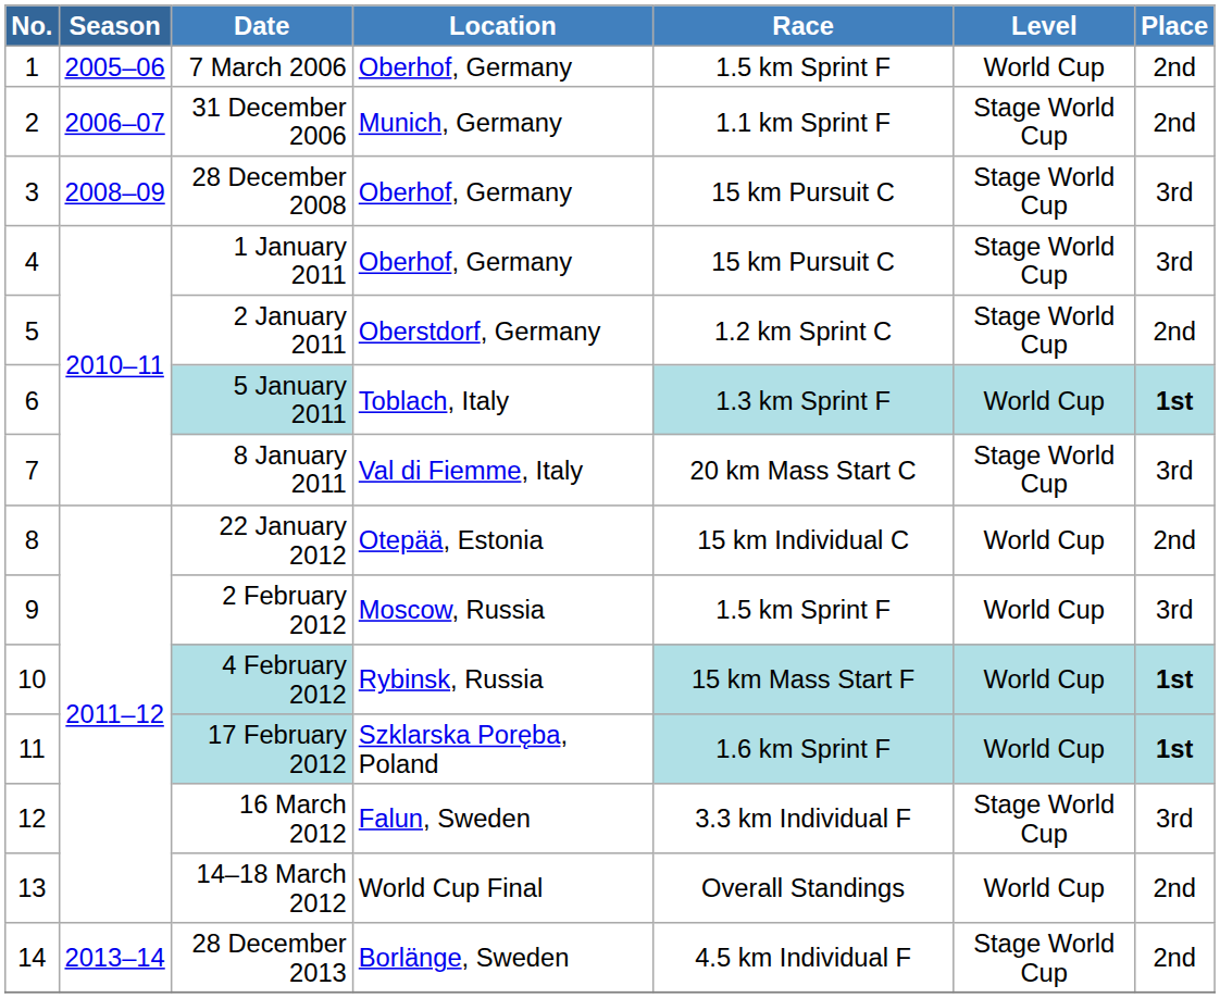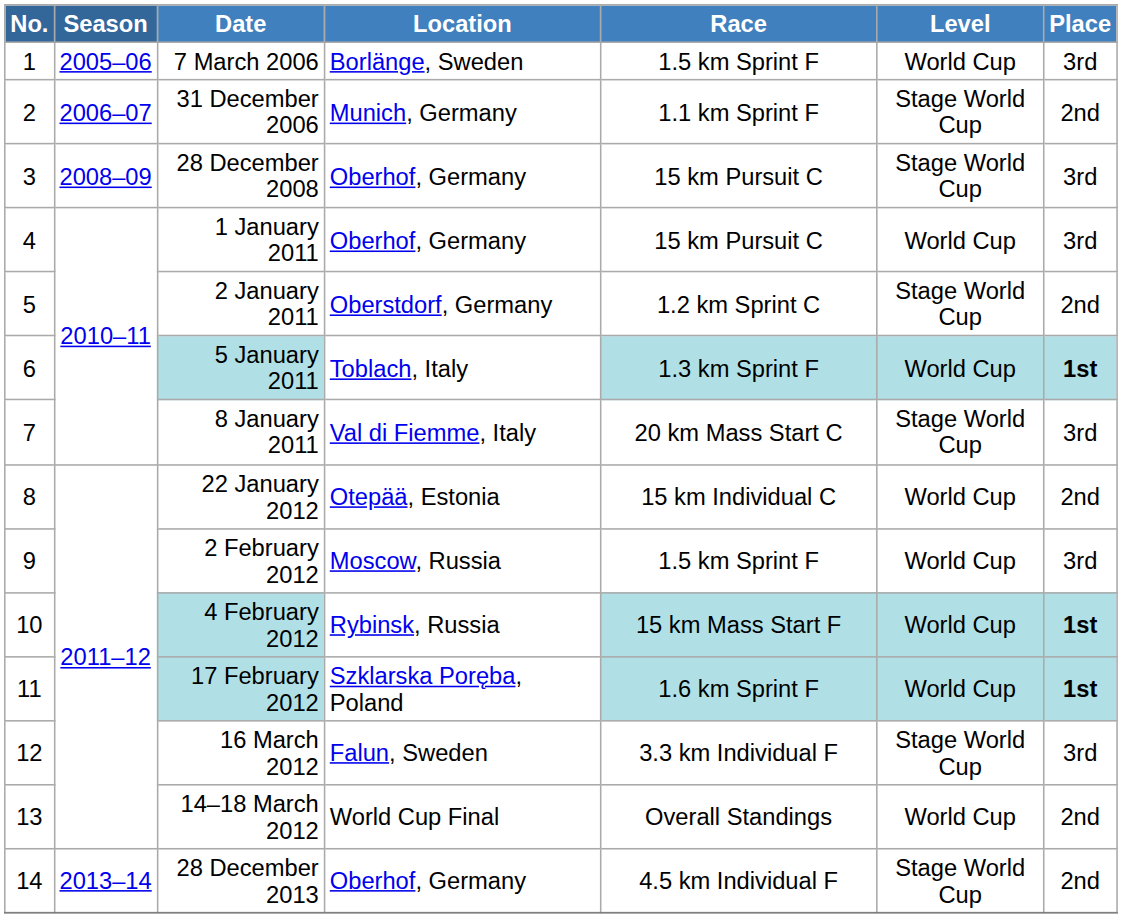 <table class="wikitable sortable" style="font-size:95%; text-align:center; border:grey solid 1px; border-collapse:collapse; background:#ffffff;">
 <tr style="background:#efefef;">
 <th style="background-color:#369; color:white;">No.</th>
 <th style="background-color:#369; color:white;">Season</th>
 <th style="background-color:#4180be; color:white; width:100px;">Date</th>
 <th style="background-color:#4180be; color:white; width:170px;">Location</th>
 <th style="background-color:#4180be; color:white; width:170px;">Race</th>
 <th style="background-color:#4180be; color:white; width:100px;">Level</th>
 <th style="background-color:#4180be; color:white;">Place</th>
 </tr>
 <tr>
 <td align=center>1</td>
 <td rowspan=1 align=center><a href='#'>2005–06</a></td>
 <td align=right>7 March 2006</td>
-<td align=left> <a href='#'>Oberhof</a>, Germany</td>
+<td align=left> <a href='#'>Borlänge</a>, Sweden</td>
 <td>1.5 km Sprint F</td>
 <td>World Cup</td>
-<td>2nd</td>
+<td>3rd</td>
 </tr>
 <tr>
 <td align=center>2</td>
 <td rowspan=1 align=center><a href='#'>2006–07</a></td>
 <td align=right>31 December 2006</td>
 <td align=left> <a href='#'>Munich</a>, Germany</td>
 <td>1.1 km Sprint F</td>
 <td>Stage World Cup</td>
 <td>2nd</td>
 </tr>
 <tr>
 <td align=center>3</td>
 <td rowspan=1 align=center><a href='#'>2008–09</a></td>
 <td align=right>28 December 2008</td>
 <td align=left> <a href='#'>Oberhof</a>, Germany</td>
 <td>15 km Pursuit C</td>
 <td>Stage World Cup</td>
 <td>3rd</td>
 </tr>
 <tr>
 <td align=center>4</td>
 <td rowspan=4 align=center><a href='#'>2010–11</a></td>
 <td align=right>1 January 2011</td>
 <td align=left> <a href='#'>Oberhof</a>, Germany</td>
 <td>15 km Pursuit C</td>
-<td>Stage World Cup</td>
+<td>World Cup</td>
 <td>3rd</td>
 </tr>
 <tr>
 <td align=center>5</td>
 <td align=right>2 January 2011</td>
 <td align=left> <a href='#'>Oberstdorf</a>, Germany</td>
 <td>1.2 km Sprint C</td>
 <td>Stage World Cup</td>
 <td>2nd</td>
 </tr>
 <tr>
 <td align=center>6</td>
 <td bgcolor="#BOEOE6" align=right>5 January 2011</td>
 <td align=left> <a href='#'>Toblach</a>, Italy</td>
 <td bgcolor="#BOEOE6">1.3 km Sprint F</td>
 <td bgcolor="#BOEOE6">World Cup</td>
 <td bgcolor="#BOEOE6"><strong>1st</strong></td>
 </tr>
 <tr>
 <td align=center>7</td>
 <td align=right>8 January 2011</td>
 <td align=left> <a href='#'>Val di Fiemme</a>, Italy</td>
 <td>20 km Mass Start C</td>
 <td>Stage World Cup</td>
 <td>3rd</td>
 </tr>
 <tr>
 <td align=center>8</td>
 <td rowspan=6 align=center><a href='#'>2011–12</a></td>
 <td align=right>22 January 2012</td>
 <td align=left> <a href='#'>Otepää</a>, Estonia</td>
 <td>15 km Individual C</td>
 <td>World Cup</td>
 <td>2nd</td>
 </tr>
 <tr>
 <td align=center>9</td>
 <td align=right>2 February 2012</td>
 <td align=left> <a href='#'>Moscow</a>, Russia</td>
 <td>1.5 km Sprint F</td>
 <td>World Cup</td>
 <td>3rd</td>
 </tr>
 <tr>
 <td align=center>10</td>
 <td bgcolor="#BOEOE6" align=right>4 February 2012</td>
 <td align=left> <a href='#'>Rybinsk</a>, Russia</td>
 <td bgcolor="#BOEOE6">15 km Mass Start F</td>
 <td bgcolor="#BOEOE6">World Cup</td>
 <td bgcolor="#BOEOE6"><strong>1st</strong></td>
 </tr>
 <tr>
 <td align=center>11</td>
 <td bgcolor="#BOEOE6" align=right>17 February 2012</td>
 <td align=left> <a href='#'>Szklarska Poręba</a>, Poland</td>
 <td bgcolor="#BOEOE6">1.6 km Sprint F</td>
 <td bgcolor="#BOEOE6">World Cup</td>
 <td bgcolor="#BOEOE6"><strong>1st</strong></td>
 </tr>
 <tr>
 <td align=center>12</td>
 <td align=right>16 March 2012</td>
 <td align=left> <a href='#'>Falun</a>, Sweden</td>
 <td>3.3 km Individual F</td>
 <td>Stage World Cup</td>
 <td>3rd</td>
 </tr>
 <tr>
 <td align=center>13</td>
 <td align=right>14–18 March 2012</td>
 <td align=left> World Cup Final</td>
 <td>Overall Standings</td>
 <td>World Cup</td>
 <td>2nd</td>
 </tr>
 <tr>
 <td align=center>14</td>
 <td rowspan=1 align=center><a href='#'>2013–14</a></td>
 <td align=right>28 December 2013</td>
-<td align=left> <a href='#'>Borlänge</a>, Sweden</td>
+<td align=left> <a href='#'>Oberhof</a>, Germany</td>
 <td>4.5 km Individual F</td>
 <td>Stage World Cup</td>
 <td>2nd</td>
 </tr>
 <tr>
 </tr>
 </table>
